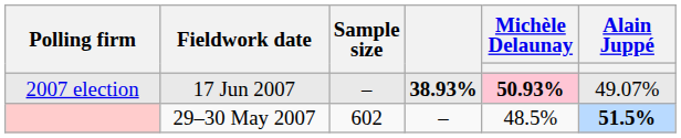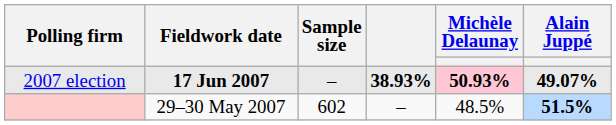 <table class="wikitable sortable" style="text-align:center;font-size:90%;line-height:14px;">
 <tr style="height:40px;">
 <th style="width:100px;" rowspan="2">Polling firm</th>
 <th style="width:110px;" rowspan="2">Fieldwork date</th>
 <th style="width:35px;" rowspan="2">Sample<br>size</th>
 <th style="width:30px;" rowspan="2"></th>
 <th class="unsortable" style="width:60px;"><a href='#'>Michèle Delaunay</a><br></th>
 <th class="unsortable" style="width:60px;"><a href='#'>Alain Juppé</a><br></th>
 </tr>
 <tr>
 <th style="background:"></th>
 <th style="background:"></th>
 </tr>
 <tr style="background:#E9E9E9;">
 <td><a href='#'>2007 election</a></td>
-<td data-sort-value="2007-06-17">17 Jun 2007</td>
+<td data-sort-value="2007-06-17"><strong>17 Jun 2007</strong></td>
 <td>–</td>
 <td><strong>38.93%</strong></td>
 <td style="background:#FFC6D5;"><strong>50.93%</strong></td>
-<td>49.07%</td>
+<td><strong>49.07%</strong></td>
 </tr>
 <tr>
 <td style="background:#FFCCCC;"></td>
 <td data-sort-value="2007-05-30">29–30 May 2007</td>
 <td>602</td>
 <td>–</td>
 <td>48.5%</td>
 <td style="background:#B9DAFF;"><strong>51.5%</strong></td>
 </tr>
 </table>
